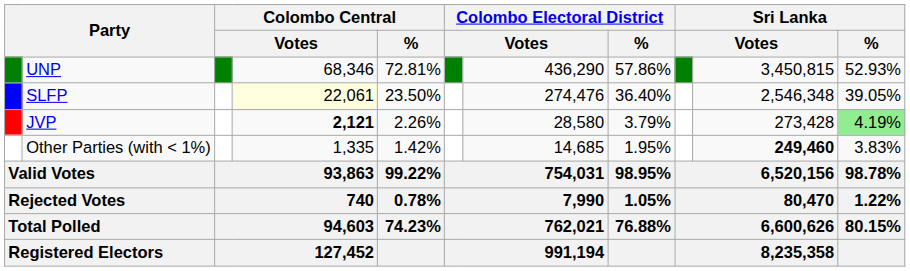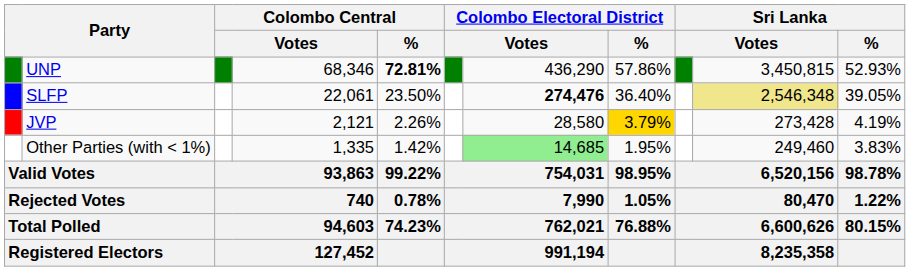 <table class="wikitable">
 <tr>
 <th colspan="2" width="144px"rowspan="2">Party</th>
 <th colspan="3" width="216px">Colombo Central</th>
 <th colspan="3" width="216px"><a href='#'>Colombo Electoral District</a></th>
 <th colspan="3" width="216px">Sri Lanka</th>
 </tr>
 <tr>
 <th colspan="2" width="144px">Votes</th>
 <th>%</th>
 <th colspan="2" width="144px">Votes</th>
 <th>%</th>
 <th colspan="2" width="144px">Votes</th>
 <th>%</th>
 </tr>
 <tr>
 <td style="background-color:green;" width="10px"></td>
 <td style="text-align:left;"><a href='#'>UNP</a></td>
 <td style="background-color:green;" width="10px"></td>
 <td style="text-align:right;">68,346</td>
-<td style="text-align:right;">72.81%</td>
+<td style="text-align:right;"><strong>72.81%</strong></td>
 <td style="background-color:green;" width="10px"></td>
 <td style="text-align:right;">436,290</td>
 <td style="text-align:right;">57.86%</td>
 <td style="background-color:green;" width="10px"></td>
 <td style="text-align:right;">3,450,815</td>
 <td style="text-align:right;">52.93%</td>
 </tr>
 <tr>
 <td style="background-color:blue;" width="10px"></td>
 <td style="text-align:left;"><a href='#'>SLFP</a></td>
 <td style="background-color:white;" width="10px"></td>
-<td style="background: lightyellow; text-align:right;">22,061</td>
+<td style="text-align:right;">22,061</td>
 <td style="text-align:right;">23.50%</td>
 <td style="background-color:white;" width="10px"></td>
-<td style="text-align:right;">274,476</td>
+<td style="text-align:right;"><strong>274,476</strong></td>
 <td style="text-align:right;">36.40%</td>
 <td style="background-color:white;" width="10px"></td>
-<td style="text-align:right;">2,546,348</td>
+<td style="background: khaki; text-align:right;">2,546,348</td>
 <td style="text-align:right;">39.05%</td>
 </tr>
 <tr>
 <td style="background-color:red;" width="10px"></td>
 <td style="text-align:left;"><a href='#'>JVP</a></td>
 <td style="background-color:white;" width="10px"></td>
-<td style="text-align:right;"><strong>2,121</strong></td>
+<td style="text-align:right;">2,121</td>
 <td style="text-align:right;">2.26%</td>
 <td style="background-color:white;" width="10px"></td>
 <td style="text-align:right;">28,580</td>
-<td style="text-align:right;">3.79%</td>
+<td style="background: gold; text-align:right;">3.79%</td>
 <td style="background-color:white;" width="10px"></td>
 <td style="text-align:right;">273,428</td>
-<td style="background: lightgreen; text-align:right;">4.19%</td>
+<td style="text-align:right;">4.19%</td>
 </tr>
 <tr>
 <td style="background-color:white;" width="10px"></td>
 <td style="text-align:left;">Other Parties (with < 1%)</td>
 <td style="background-color:white;" width="10px"></td>
 <td style="text-align:right;">1,335</td>
 <td style="text-align:right;">1.42%</td>
 <td style="background-color:white;" width="10px"></td>
-<td style="text-align:right;">14,685</td>
+<td style="background: lightgreen; text-align:right;">14,685</td>
 <td style="text-align:right;">1.95%</td>
 <td style="background-color:white;" width="10px"></td>
-<td style="text-align:right;"><strong>249,460</strong></td>
+<td style="text-align:right;">249,460</td>
 <td style="text-align:right;">3.83%</td>
 </tr>
 <tr>
 <th colspan="2" width="144px"style="text-align:left;">Valid Votes</th>
 <th style="text-align:right;"colspan="2" width="144px">93,863</th>
 <th style="text-align:right;">99.22%</th>
 <th style="text-align:right;"colspan="2" width="144px">754,031</th>
 <th style="text-align:right;">98.95%</th>
 <th style="text-align:right;"colspan="2" width="144px">6,520,156</th>
 <th style="text-align:right;">98.78%</th>
 </tr>
 <tr>
 <th colspan="2" width="144px"style="text-align:left;">Rejected Votes</th>
 <th style="text-align:right;"colspan="2" width="144px">740</th>
 <th style="text-align:right;">0.78%</th>
 <th style="text-align:right;"colspan="2" width="144px">7,990</th>
 <th style="text-align:right;">1.05%</th>
 <th style="text-align:right;"colspan="2" width="144px">80,470</th>
 <th style="text-align:right;">1.22%</th>
 </tr>
 <tr>
 <th colspan="2" width="144px"style="text-align:left;">Total Polled</th>
 <th style="text-align:right;"colspan="2" width="144px">94,603</th>
 <th style="text-align:right;">74.23%</th>
 <th style="text-align:right;"colspan="2" width="144px">762,021</th>
 <th style="text-align:right;">76.88%</th>
 <th style="text-align:right;"colspan="2" width="144px">6,600,626</th>
 <th style="text-align:right;">80.15%</th>
 </tr>
 <tr>
 <th colspan="2" width="144px"style="text-align:left;">Registered Electors</th>
 <th style="text-align:right;"colspan="2" width="144px">127,452</th>
 <th></th>
 <th style="text-align:right;"colspan="2" width="144px">991,194</th>
 <th></th>
 <th style="text-align:right;"colspan="2" width="144px">8,235,358</th>
 <th></th>
 </tr>
 </table>
